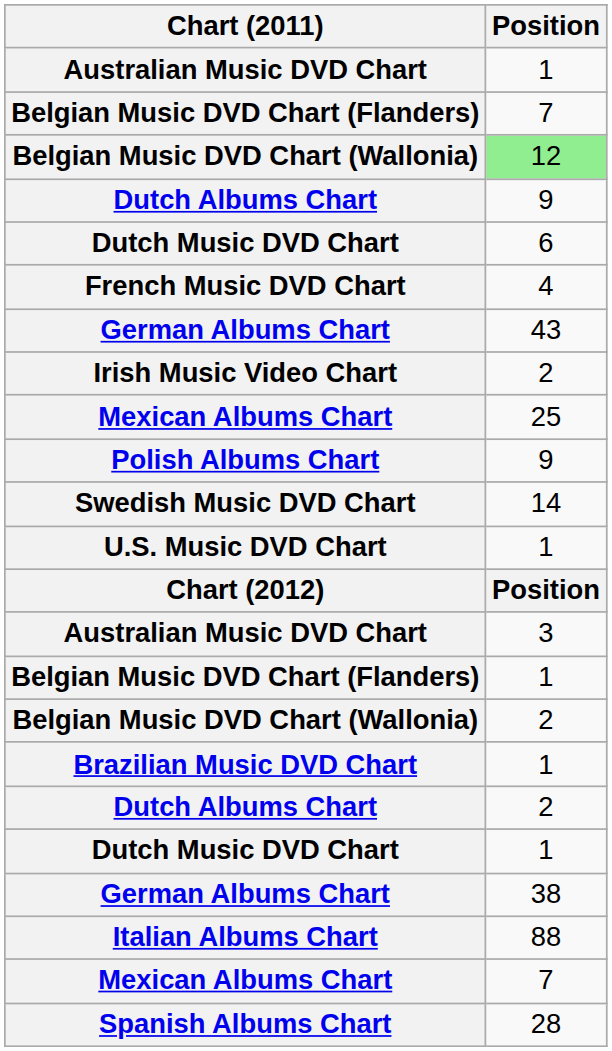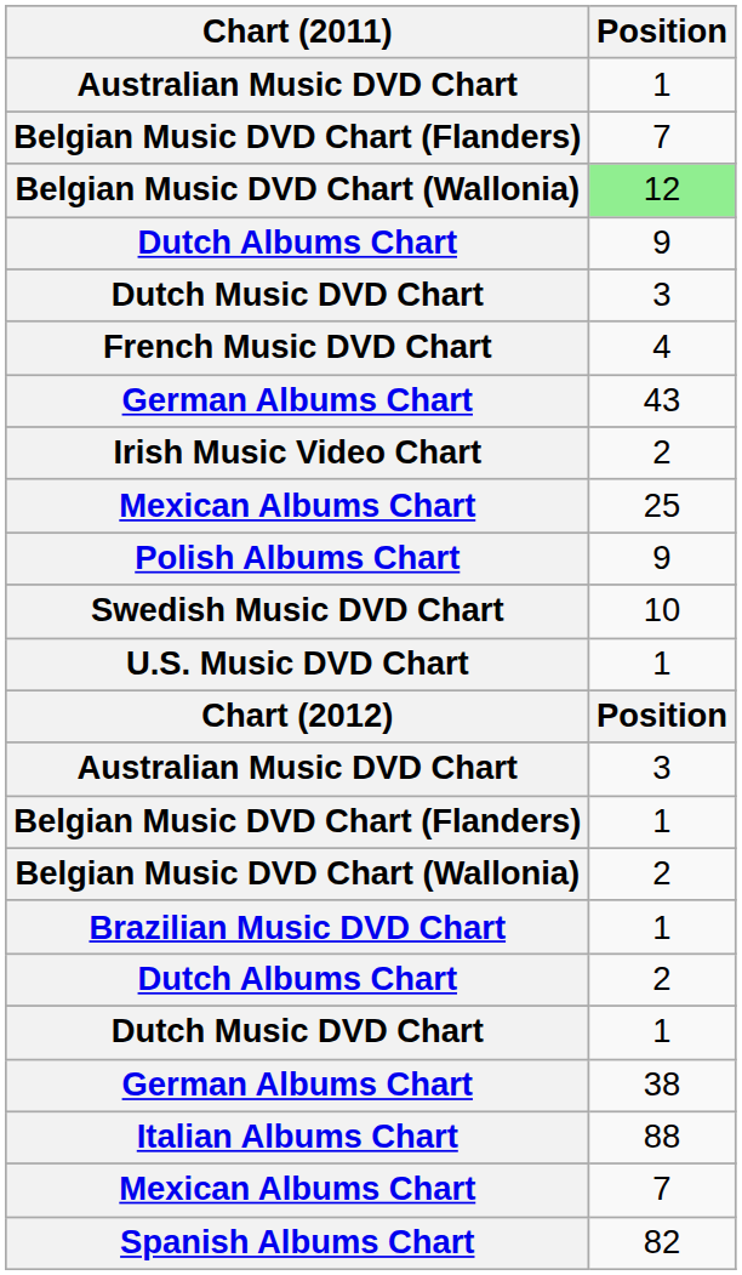 <table class="wikitable sortable plainrowheaders">
 <tr>
 <th scope="col">Chart (2011)</th>
 <th scope="col">Position</th>
 </tr>
 <tr>
 <th scope="row">Australian Music DVD Chart</th>
 <td style="text-align:center;">1</td>
 </tr>
 <tr>
 <th scope="row">Belgian Music DVD Chart (Flanders)</th>
 <td style="text-align:center;">7</td>
 </tr>
 <tr>
 <th scope="row">Belgian Music DVD Chart (Wallonia)</th>
 <td style="background: lightgreen; text-align:center;">12</td>
 </tr>
 <tr>
 <th scope="row"><a href='#'>Dutch Albums Chart</a></th>
 <td style="text-align:center;">9</td>
 </tr>
 <tr>
 <th scope="row">Dutch Music DVD Chart</th>
-<td style="text-align:center;">6</td>
+<td style="text-align:center;">3</td>
 </tr>
 <tr>
 <th scope="row">French Music DVD Chart</th>
 <td style="text-align:center;">4</td>
 </tr>
 <tr>
 <th scope="row"><a href='#'>German Albums Chart</a></th>
 <td style="text-align:center;">43</td>
 </tr>
 <tr>
 <th scope="row">Irish Music Video Chart</th>
 <td style="text-align:center;">2</td>
 </tr>
 <tr>
 <th scope="row"><a href='#'>Mexican Albums Chart</a></th>
 <td style="text-align: center;">25</td>
 </tr>
 <tr>
 <th scope="row"><a href='#'>Polish Albums Chart</a></th>
 <td style="text-align: center;">9</td>
 </tr>
 <tr>
 <th scope="row">Swedish Music DVD Chart</th>
-<td style="text-align: center;">14</td>
+<td style="text-align: center;">10</td>
 </tr>
 <tr>
 <th scope="row">U.S. Music DVD Chart</th>
 <td style="text-align:center;">1</td>
 </tr>
 <tr>
 <th scope="col">Chart (2012)</th>
 <th scope="col">Position</th>
 </tr>
 <tr>
 <th scope="row">Australian Music DVD Chart</th>
 <td style="text-align:center;">3</td>
 </tr>
 <tr>
 <th scope="row">Belgian Music DVD Chart (Flanders)</th>
 <td align="center">1</td>
 </tr>
 <tr>
 <th scope="row">Belgian Music DVD Chart (Wallonia)</th>
 <td align="center">2</td>
 </tr>
 <tr>
 <th scope="row"><a href='#'>Brazilian Music DVD Chart</a></th>
 <td style="text-align:center;">1</td>
 </tr>
 <tr>
 <th scope="row"><a href='#'>Dutch Albums Chart</a></th>
 <td align="center">2</td>
 </tr>
 <tr>
 <th scope="row">Dutch Music DVD Chart</th>
 <td align="center">1</td>
 </tr>
 <tr>
 <th scope="row"><a href='#'>German Albums Chart</a></th>
 <td style="text-align:center;">38</td>
 </tr>
 <tr>
 <th scope="row"><a href='#'>Italian Albums Chart</a></th>
 <td style="text-align:center;">88</td>
 </tr>
 <tr>
 <th scope="row"><a href='#'>Mexican Albums Chart</a></th>
 <td align="center">7</td>
 </tr>
 <tr>
 <th scope="row"><a href='#'>Spanish Albums Chart</a></th>
-<td style="text-align:center;">28</td>
+<td style="text-align:center;">82</td>
 </tr>
 </table>
